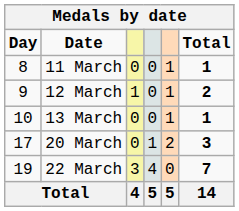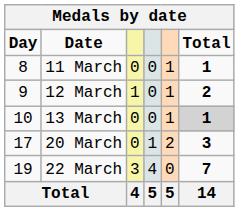 <table class="wikitable" style="font-size:85%; text-align:center;">
 <tr style="background:#efefef;">
 <th colspan=6><strong>Medals by date</strong></th>
 </tr>
 <tr>
 <td><strong>Day</strong></td>
 <td><strong>Date</strong></td>
 <td style="background:#F7F6A8;"></td>
 <td style="background:#DCE5E5;"></td>
 <td style="background:#FFDAB9;"></td>
 <td><strong>Total</strong></td>
 </tr>
 <tr>
 <td>8</td>
 <td>11 March</td>
 <td style="background:#F7F6A8;">0</td>
 <td style="background:#DCE5E5;">0</td>
 <td style="background:#FFDAB9;">1</td>
 <td><strong>1</strong></td>
 </tr>
 <tr>
 <td>9</td>
 <td>12 March</td>
 <td style="background:#F7F6A8;">1</td>
 <td style="background:#DCE5E5;">0</td>
 <td style="background:#FFDAB9;">1</td>
 <td><strong>2</strong></td>
 </tr>
 <tr>
 <td>10</td>
 <td>13 March</td>
 <td style="background:#F7F6A8;">0</td>
 <td style="background:#DCE5E5;">0</td>
 <td style="background:#FFDAB9;">1</td>
-<td><strong>1</strong></td>
+<td style="background: lightgrey;"><strong>1</strong></td>
 </tr>
 <tr>
 <td>17</td>
 <td>20 March</td>
 <td style="background:#F7F6A8;">0</td>
 <td style="background:#DCE5E5;">1</td>
 <td style="background:#FFDAB9;">2</td>
 <td><strong>3</strong></td>
 </tr>
 <tr>
 <td>19</td>
 <td>22 March</td>
 <td style="background:#F7F6A8;">3</td>
 <td style="background:#DCE5E5;">4</td>
 <td style="background:#FFDAB9;">0</td>
 <td><strong>7</strong></td>
 </tr>
 <tr>
 <th colspan="2">Total</th>
 <th>4</th>
 <th>5</th>
 <th>5</th>
 <th>14</th>
 </tr>
 </table>
